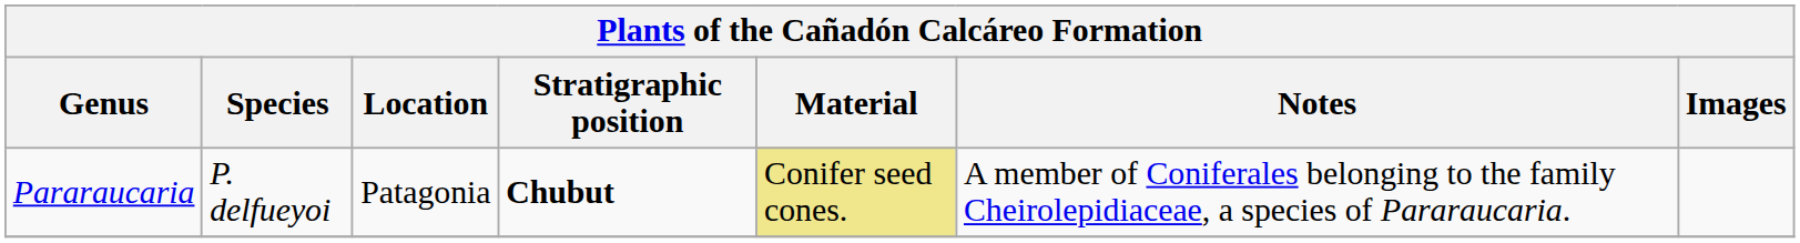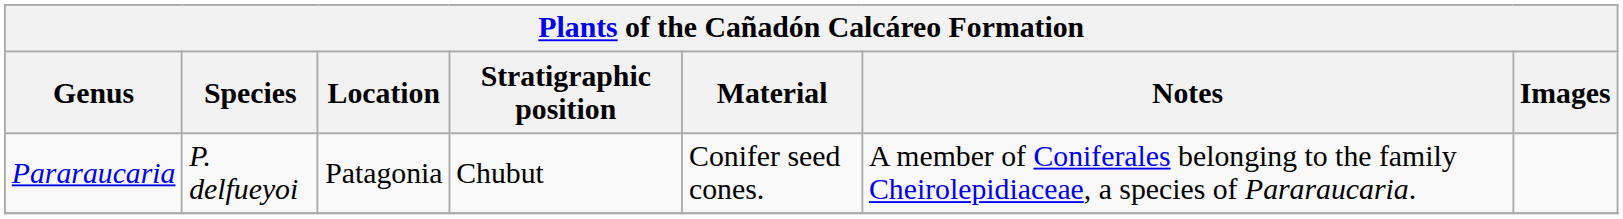 <table class="wikitable sortable">
 <tr>
 <th colspan="7" align="center"><strong><a href='#'>Plants</a> of the Cañadón Calcáreo Formation</strong></th>
 </tr>
 <tr>
 <th>Genus</th>
 <th>Species</th>
 <th>Location</th>
 <th>Stratigraphic position</th>
 <th>Material</th>
 <th>Notes</th>
 <th>Images</th>
 </tr>
 <tr>
 <td><em><a href='#'>Pararaucaria</a></em></td>
 <td><em>P. delfueyoi</em></td>
 <td>Patagonia</td>
-<td><strong>Chubut</strong></td>
-<td style="background: khaki;">Conifer seed cones.</td>
+<td>Chubut</td>
+<td>Conifer seed cones.</td>
 <td>A member of <a href='#'>Coniferales</a> belonging to the family <a href='#'>Cheirolepidiaceae</a>, a species of <em>Pararaucaria</em>.</td>
 <td></td>
 </tr>
 <tr>
 </tr>
 </table>
